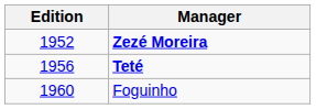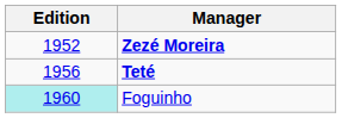 <table class="wikitable">
 <tr>
 <th width=100>Edition</th>
 <th width=200>Manager</th>
 </tr>
 <tr>
 <td align=center> <a href='#'>1952</a></td>
 <td><strong><a href='#'>Zezé Moreira</a></strong></td>
 </tr>
 <tr>
 <td align=center> <a href='#'>1956</a></td>
 <td><strong><a href='#'>Teté</a></strong></td>
 </tr>
 <tr>
-<td align=center> <a href='#'>1960</a></td>
+<td align=center style="background: paleturquoise;"> <a href='#'>1960</a></td>
 <td><a href='#'>Foguinho</a></td>
 </tr>
 </table>
